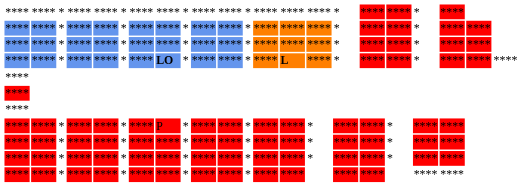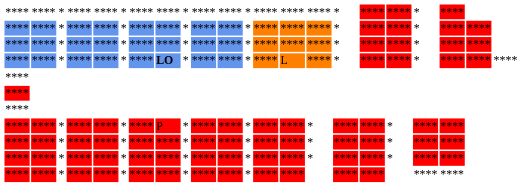 <table>
 <tr ---->
 <td bgcolor="#FFFFFF" border="1"><span>****</span></td>
 <td bgcolor="#FFFFFF" border="1"><span>****</span></td>
 <td bgcolor="#FFFFFF" border="1"><span>*</span></td>
 <td bgcolor="#FFFFFF" border="1"><span>****</span></td>
 <td bgcolor="#FFFFFF" border="1"><span>****</span></td>
 <td bgcolor="#FFFFFF" border="1"><span>*</span></td>
 <td bgcolor="#FFFFFF" border="1"><span>****</span></td>
 <td bgcolor="#FFFFFF" border="1"><span>****</span></td>
 <td bgcolor="#FFFFFF" border="1"><span>*</span></td>
 <td bgcolor="#FFFFFF" border="1"><span>****</span></td>
 <td bgcolor="#FFFFFF" border="1"><span>****</span></td>
 <td bgcolor="#FFFFFF" border="1"><span>*</span></td>
 <td bgcolor="#FFFFFF" border="1"><span>****</span></td>
 <td bgcolor="#FFFFFF" border="1"><span>****</span></td>
 <td bgcolor="#FFFFFF" border="1"><span>****</span></td>
 <td bgcolor="#FFFFFF" border="1"><span>*</span></td>
 <td bgcolor="#FF0000" border="1"><span>****</span></td>
 <td bgcolor="#FF0000" border="1"><span>****</span></td>
 <td bgcolor="#FFFFFF" border="1"><span>*</span></td>
 <td bgcolor="#FF0000" border="1"><span>****</span></td>
 </tr>
 <tr ---->
 <td bgcolor="cornflowerblue" border="1"><span>****</span></td>
 <td bgcolor="cornflowerblue" border="1"><span>****</span></td>
 <td bgcolor="#FFFFFF" border="1"><span>*</span></td>
 <td bgcolor="cornflowerblue" border="1"><span>****</span></td>
 <td bgcolor="cornflowerblue" border="1"><span>****</span></td>
 <td bgcolor="#FFFFFF" border="1"><span>*</span></td>
 <td bgcolor="cornflowerblue" border="1"><span>****</span></td>
 <td bgcolor="cornflowerblue" border="1"><span>****</span></td>
 <td bgcolor="#FFFFFF" border="1"><span>*</span></td>
 <td bgcolor="cornflowerblue" border="1"><span>****</span></td>
 <td bgcolor="cornflowerblue" border="1"><span>****</span></td>
 <td bgcolor="#FFFFFF" border="1"><span>*</span></td>
 <td bgcolor="#FF7F00" border="1"><span>****</span></td>
 <td bgcolor="#FF7F00" border="1"><span>****</span></td>
 <td bgcolor="#FF7F00" border="1"><span>****</span></td>
 <td bgcolor="#FFFFFF" border="1"><span>*</span></td>
 <td bgcolor="#FF0000" border="1"><span>****</span></td>
 <td bgcolor="#FF0000" border="1"><span>****</span></td>
 <td bgcolor="#FFFFFF" border="1"><span>*</span></td>
 <td bgcolor="#FF0000" border="1"><span>****</span></td>
 <td bgcolor="#FF0000" border="1"><span>****</span></td>
 </tr>
 <tr ---->
 <td bgcolor="cornflowerblue" border="1"><span>****</span></td>
 <td bgcolor="cornflowerblue" border="1"><span>****</span></td>
 <td bgcolor="#FFFFFF" border="1"><span>*</span></td>
 <td bgcolor="cornflowerblue" border="1"><span>****</span></td>
 <td bgcolor="cornflowerblue" border="1"><span>****</span></td>
 <td bgcolor="#FFFFFF" border="1"><span>*</span></td>
 <td bgcolor="cornflowerblue" border="1"><span>****</span></td>
 <td bgcolor="cornflowerblue" border="1"><span>****</span></td>
 <td bgcolor="#FFFFFF" border="1"><span>*</span></td>
 <td bgcolor="cornflowerblue" border="1"><span>****</span></td>
 <td bgcolor="cornflowerblue" border="1"><span>****</span></td>
 <td bgcolor="#FFFFFF" border="1"><span>*</span></td>
 <td bgcolor="#FF7F00" border="1"><span>****</span></td>
 <td bgcolor="#FF7F00" border="1"><span>****</span></td>
 <td bgcolor="#FF7F00" border="1"><span>****</span></td>
 <td bgcolor="#FFFFFF" border="1"><span>*</span></td>
 <td bgcolor="#FF0000" border="1"><span>****</span></td>
 <td bgcolor="#FF0000" border="1"><span>****</span></td>
 <td bgcolor="#FFFFFF" border="1"><span>*</span></td>
 <td bgcolor="#FF0000" border="1"><span>****</span></td>
 <td bgcolor="#FF0000" border="1"><span>****</span></td>
 </tr>
 <tr ---->
 <td bgcolor="cornflowerblue" border="1"><span>****</span></td>
 <td bgcolor="cornflowerblue" border="1"><span>****</span></td>
 <td bgcolor="#FFFFFF" border="1"><span>*</span></td>
 <td bgcolor="cornflowerblue" border="1"><span>****</span></td>
 <td bgcolor="cornflowerblue" border="1"><span>****</span></td>
 <td bgcolor="#FFFFFF" border="1"><span>*</span></td>
 <td bgcolor="cornflowerblue" border="1"><span>****</span></td>
 <td bgcolor="cornflowerblue" border="1"><strong><span>  LO</span></strong></td>
 <td bgcolor="#FFFFFF" border="1"><span>*</span></td>
 <td bgcolor="cornflowerblue" border="1"><span>****</span></td>
 <td bgcolor="cornflowerblue" border="1"><span>****</span></td>
 <td bgcolor="#FFFFFF" border="1"><span>*</span></td>
 <td bgcolor="#FF7F00" border="1"><span>****</span></td>
-<td bgcolor="#FF7F00" border="1"><strong><span>   L</span></strong></td>
+<td bgcolor="#FF7F00" border="1"><span>   L</span></td>
 <td bgcolor="#FF7F00" border="1"><span>****</span></td>
 <td bgcolor="#FFFFFF" border="1"><span>*</span></td>
 <td bgcolor="#FF0000" border="1"><span>****</span></td>
 <td bgcolor="#FF0000" border="1"><span>****</span></td>
 <td bgcolor="#FFFFFF" border="1"><span>*</span></td>
 <td bgcolor="#FF0000" border="1"><span>****</span></td>
 <td bgcolor="#FF0000" border="1"><span>****</span></td>
 <td bgcolor="#FFFFFF" border="1"><span>****</span></td>
 </tr>
 <tr ---->
 <td border="1"><span>****</span></td>
 </tr>
 <tr ---->
 <td bgcolor="#FF0000" border="1"><span>****</span></td>
 </tr>
 <tr ---->
 <td border="1"><span>****</span></td>
 </tr>
 <tr ---->
 <td bgcolor="#FF0000" border="1"><span>****</span></td>
 <td bgcolor="#FF0000" border="1"><span>****</span></td>
 <td bgcolor="#FFFFFF" border="1"><span>*</span></td>
 <td bgcolor="#FF0000" border="1"><span>****</span></td>
 <td bgcolor="#FF0000" border="1"><span>****</span></td>
 <td bgcolor="#FFFFFF" border="1"><span>*</span></td>
 <td bgcolor="#FF0000" border="1"><span>****</span></td>
 <td bgcolor="#FF0000" border="1"><span>  P</span></td>
 <td bgcolor="#FFFFFF" border="1"><span>*</span></td>
 <td bgcolor="#FF0000" border="1"><span>****</span></td>
 <td bgcolor="#FF0000" border="1"><span>****</span></td>
 <td bgcolor="#FFFFFF" border="1"><span>*</span></td>
 <td bgcolor="#FF0000" border="1"><span>****</span></td>
 <td bgcolor="#FF0000" border="1"><span>****</span></td>
 <td bgcolor="#FFFFFF" border="1"><span>*</span></td>
 <td bgcolor="#FF0000" border="1"><span>****</span></td>
 <td bgcolor="#FF0000" border="1"><span>****</span></td>
 <td bgcolor="#FFFFFF" border="1"><span>*</span></td>
 <td bgcolor="#FF0000" border="1"><span>****</span></td>
 <td bgcolor="#FF0000" border="1"><span>****</span></td>
 </tr>
 <tr ---->
 <td bgcolor="#FF0000" border="1"><span>****</span></td>
 <td bgcolor="#FF0000" border="1"><span>****</span></td>
 <td bgcolor="#FFFFFF" border="1"><span>*</span></td>
 <td bgcolor="#FF0000" border="1"><span>****</span></td>
 <td bgcolor="#FF0000" border="1"><span>****</span></td>
 <td bgcolor="#FFFFFF" border="1"><span>*</span></td>
 <td bgcolor="#FF0000" border="1"><span>****</span></td>
 <td bgcolor="#FF0000" border="1"><span>****</span></td>
 <td bgcolor="#FFFFFF" border="1"><span>*</span></td>
 <td bgcolor="#FF0000" border="1"><span>****</span></td>
 <td bgcolor="#FF0000" border="1"><span>****</span></td>
 <td bgcolor="#FFFFFF" border="1"><span>*</span></td>
 <td bgcolor="#FF0000" border="1"><span>****</span></td>
 <td bgcolor="#FF0000" border="1"><span>****</span></td>
 <td bgcolor="#FFFFFF" border="1"><span>*</span></td>
 <td bgcolor="#FF0000" border="1"><span>****</span></td>
 <td bgcolor="#FF0000" border="1"><span>****</span></td>
 <td bgcolor="#FFFFFF" border="1"><span>*</span></td>
 <td bgcolor="#FF0000" border="1"><span>****</span></td>
 <td bgcolor="#FF0000" border="1"><span>****</span></td>
 </tr>
 <tr ---->
 <td bgcolor="#FF0000" border="1"><span>****</span></td>
 <td bgcolor="#FF0000" border="1"><span>****</span></td>
 <td bgcolor="#FFFFFF" border="1"><span>*</span></td>
 <td bgcolor="#FF0000" border="1"><span>****</span></td>
 <td bgcolor="#FF0000" border="1"><span>****</span></td>
 <td bgcolor="#FFFFFF" border="1"><span>*</span></td>
 <td bgcolor="#FF0000" border="1"><span>****</span></td>
 <td bgcolor="#FF0000" border="1"><span>****</span></td>
 <td bgcolor="#FFFFFF" border="1"><span>*</span></td>
 <td bgcolor="#FF0000" border="1"><span>****</span></td>
 <td bgcolor="#FF0000" border="1"><span>****</span></td>
 <td bgcolor="#FFFFFF" border="1"><span>*</span></td>
 <td bgcolor="#FF0000" border="1"><span>****</span></td>
 <td bgcolor="#FF0000" border="1"><span>****</span></td>
 <td bgcolor="#FFFFFF" border="1"><span>*</span></td>
 <td bgcolor="#FF0000" border="1"><span>****</span></td>
 <td bgcolor="#FF0000" border="1"><span>****</span></td>
 <td bgcolor="#FFFFFF" border="1"><span>*</span></td>
 <td bgcolor="#FF0000" border="1"><span>****</span></td>
 <td bgcolor="#FF0000" border="1"><span>****</span></td>
 </tr>
 <tr ---->
 <td bgcolor="#FF0000" border="1"><span>****</span></td>
 <td bgcolor="#FF0000" border="1"><span>****</span></td>
 <td bgcolor="#FFFFFF" border="1"><span>*</span></td>
 <td bgcolor="#FF0000" border="1"><span>****</span></td>
 <td bgcolor="#FF0000" border="1"><span>****</span></td>
 <td bgcolor="#FFFFFF" border="1"><span>*</span></td>
 <td bgcolor="#FF0000" border="1"><span>****</span></td>
 <td bgcolor="#FF0000" border="1"><span>****</span></td>
 <td bgcolor="#FFFFFF" border="1"><span>*</span></td>
 <td bgcolor="#FF0000" border="1"><span>****</span></td>
 <td bgcolor="#FF0000" border="1"><span>****</span></td>
 <td bgcolor="#FFFFFF" border="1"><span>*</span></td>
 <td bgcolor="#FF0000" border="1"><span>****</span></td>
 <td bgcolor="#FF0000" border="1"><span>****</span></td>
 <td bgcolor="#FFFFFF" border="1"><span></span></td>
 <td bgcolor="#FF0000" border="1"><span>****</span></td>
 <td bgcolor="#FF0000" border="1"><span>****</span></td>
 <td bgcolor="#FFFFFF" border="1"><span></span></td>
 <td bgcolor="#FFFFFF" border="1"><span>****</span></td>
 <td bgcolor="#FFFFFF" border="1"><span>****</span></td>
 </tr>
 </table>
